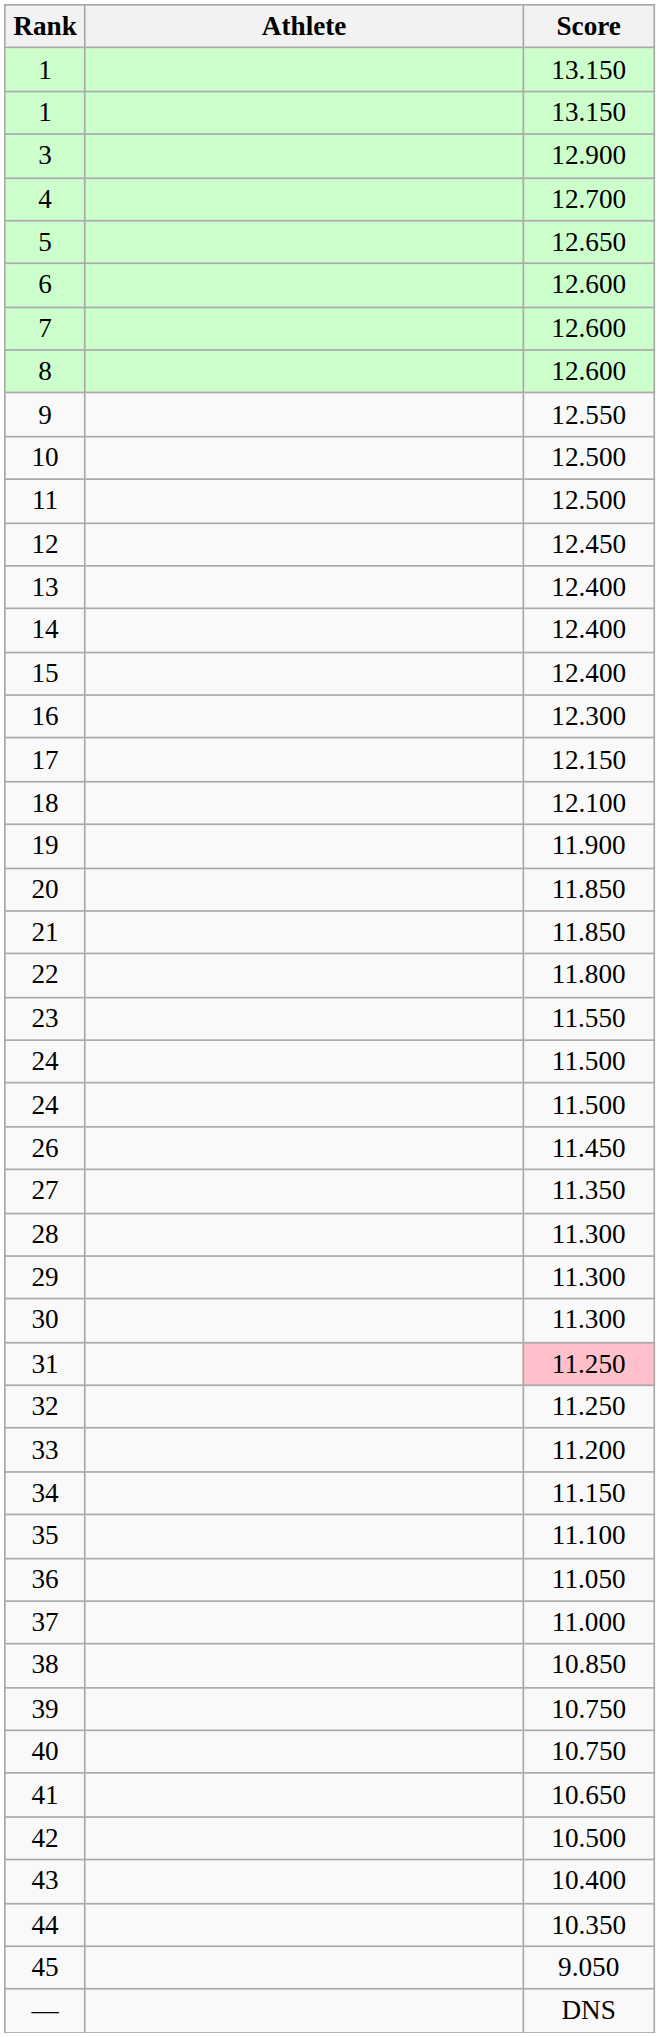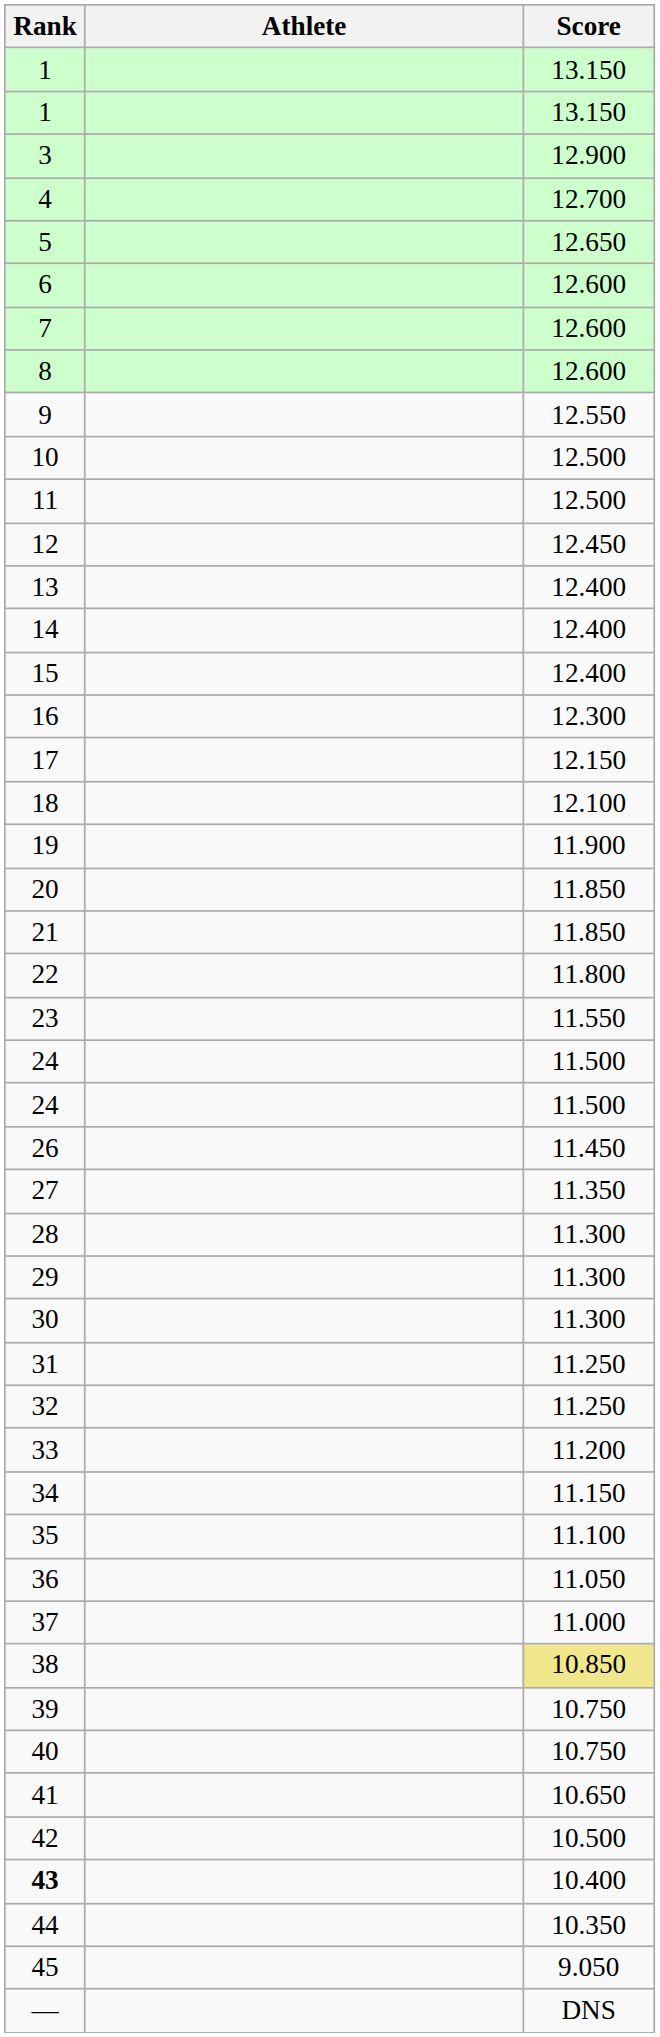 <table class=wikitable style="text-align:center">
 <tr>
 <th width=40>Rank</th>
 <th width=250>Athlete</th>
 <th width=70>Score</th>
 </tr>
 <tr bgcolor="ccffcc">
 <td>1</td>
 <td align=left></td>
 <td>13.150</td>
 </tr>
 <tr bgcolor="ccffcc">
 <td>1</td>
 <td align=left></td>
 <td>13.150</td>
 </tr>
 <tr bgcolor="ccffcc">
 <td>3</td>
 <td align=left></td>
 <td>12.900</td>
 </tr>
 <tr bgcolor="ccffcc">
 <td>4</td>
 <td align=left></td>
 <td>12.700</td>
 </tr>
 <tr bgcolor="ccffcc">
 <td>5</td>
 <td align=left></td>
 <td>12.650</td>
 </tr>
 <tr bgcolor="ccffcc">
 <td>6</td>
 <td align=left></td>
 <td>12.600</td>
 </tr>
 <tr bgcolor="ccffcc">
 <td>7</td>
 <td align=left></td>
 <td>12.600</td>
 </tr>
 <tr bgcolor="ccffcc">
 <td>8</td>
 <td align=left></td>
 <td>12.600</td>
 </tr>
 <tr>
 <td>9</td>
 <td align=left></td>
 <td>12.550</td>
 </tr>
 <tr>
 <td>10</td>
 <td align=left></td>
 <td>12.500</td>
 </tr>
 <tr>
 <td>11</td>
 <td align=left></td>
 <td>12.500</td>
 </tr>
 <tr>
 <td>12</td>
 <td align=left></td>
 <td>12.450</td>
 </tr>
 <tr>
 <td>13</td>
 <td align=left></td>
 <td>12.400</td>
 </tr>
 <tr>
 <td>14</td>
 <td align=left></td>
 <td>12.400</td>
 </tr>
 <tr>
 <td>15</td>
 <td align=left></td>
 <td>12.400</td>
 </tr>
 <tr>
 <td>16</td>
 <td align=left></td>
 <td>12.300</td>
 </tr>
 <tr>
 <td>17</td>
 <td align=left></td>
 <td>12.150</td>
 </tr>
 <tr>
 <td>18</td>
 <td align=left></td>
 <td>12.100</td>
 </tr>
 <tr>
 <td>19</td>
 <td align=left></td>
 <td>11.900</td>
 </tr>
 <tr>
 <td>20</td>
 <td align=left></td>
 <td>11.850</td>
 </tr>
 <tr>
 <td>21</td>
 <td align=left></td>
 <td>11.850</td>
 </tr>
 <tr>
 <td>22</td>
 <td align=left></td>
 <td>11.800</td>
 </tr>
 <tr>
 <td>23</td>
 <td align=left></td>
 <td>11.550</td>
 </tr>
 <tr>
 <td>24</td>
 <td align=left></td>
 <td>11.500</td>
 </tr>
 <tr>
 <td>24</td>
 <td align=left></td>
 <td>11.500</td>
 </tr>
 <tr>
 <td>26</td>
 <td align=left></td>
 <td>11.450</td>
 </tr>
 <tr>
 <td>27</td>
 <td align=left></td>
 <td>11.350</td>
 </tr>
 <tr>
 <td>28</td>
 <td align=left></td>
 <td>11.300</td>
 </tr>
 <tr>
 <td>29</td>
 <td align=left></td>
 <td>11.300</td>
 </tr>
 <tr>
 <td>30</td>
 <td align=left></td>
 <td>11.300</td>
 </tr>
 <tr>
 <td>31</td>
 <td align=left></td>
-<td style="background: pink;">11.250</td>
+<td>11.250</td>
 </tr>
 <tr>
 <td>32</td>
 <td align=left></td>
 <td>11.250</td>
 </tr>
 <tr>
 <td>33</td>
 <td align=left></td>
 <td>11.200</td>
 </tr>
 <tr>
 <td>34</td>
 <td align=left></td>
 <td>11.150</td>
 </tr>
 <tr>
 <td>35</td>
 <td align=left></td>
 <td>11.100</td>
 </tr>
 <tr>
 <td>36</td>
 <td align=left></td>
 <td>11.050</td>
 </tr>
 <tr>
 <td>37</td>
 <td align=left></td>
 <td>11.000</td>
 </tr>
 <tr>
 <td>38</td>
 <td align=left></td>
-<td>10.850</td>
+<td style="background: khaki;">10.850</td>
 </tr>
 <tr>
 <td>39</td>
 <td align=left></td>
 <td>10.750</td>
 </tr>
 <tr>
 <td>40</td>
 <td align=left></td>
 <td>10.750</td>
 </tr>
 <tr>
 <td>41</td>
 <td align=left></td>
 <td>10.650</td>
 </tr>
 <tr>
 <td>42</td>
 <td align=left></td>
 <td>10.500</td>
 </tr>
 <tr>
-<td>43</td>
+<td><strong>43</strong></td>
 <td align=left></td>
 <td>10.400</td>
 </tr>
 <tr>
 <td>44</td>
 <td align=left></td>
 <td>10.350</td>
 </tr>
 <tr>
 <td>45</td>
 <td align=left></td>
 <td>9.050</td>
 </tr>
 <tr>
 <td>—</td>
 <td align=left></td>
 <td>DNS</td>
 </tr>
 </table>
